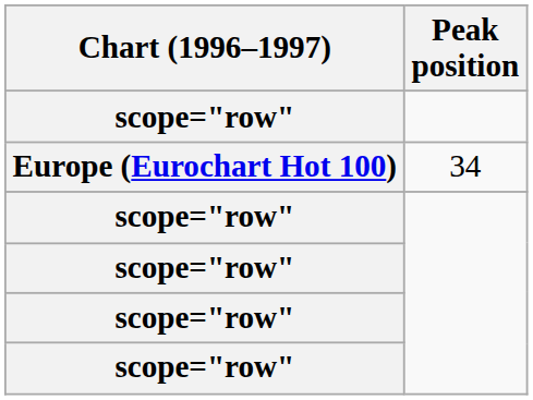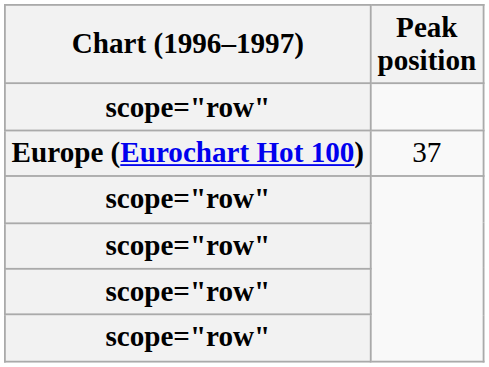 <table class="wikitable sortable plainrowheaders">
 <tr>
 <th>Chart (1996–1997)</th>
 <th>Peak<br>position</th>
 </tr>
 <tr>
 <th>scope="row"</th>
 </tr>
 <tr>
 <th scope="row">Europe (<a href='#'>Eurochart Hot 100</a>)</th>
-<td align="center">34</td>
+<td align="center">37</td>
 </tr>
 <tr>
 <th>scope="row"</th>
 </tr>
 <tr>
 <th>scope="row"</th>
 </tr>
 <tr>
 <th>scope="row"</th>
 </tr>
 <tr>
 <th>scope="row"</th>
 </tr>
 </table>
